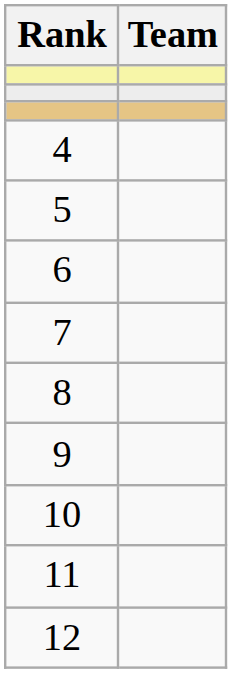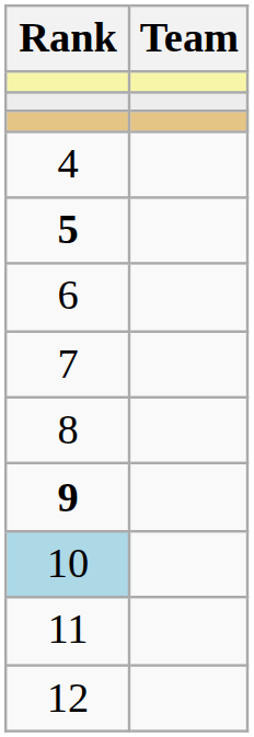 <table class="wikitable" style="text-align:center;">
 <tr>
 <th width=40>Rank</th>
 <th>Team</th>
 </tr>
 <tr align=center bgcolor=f7f6a8>
 <td></td>
 <td align=left></td>
 </tr>
 <tr align=center bgcolor=ededed>
 <td></td>
 <td align=left></td>
 </tr>
 <tr align=center bgcolor=e5c585>
 <td></td>
 <td align=left></td>
 </tr>
 <tr align=center>
 <td>4</td>
 <td align=left></td>
 </tr>
 <tr align=center>
-<td>5</td>
+<td><strong>5</strong></td>
 <td align=left></td>
 </tr>
 <tr align=center>
 <td>6</td>
 <td align=left></td>
 </tr>
 <tr align=center>
 <td>7</td>
 <td align=left></td>
 </tr>
 <tr align=center>
 <td>8</td>
 <td align=left></td>
 </tr>
 <tr align=center>
-<td>9</td>
+<td><strong>9</strong></td>
 <td align=left></td>
 </tr>
 <tr align=center>
-<td>10</td>
+<td style="background: lightblue;">10</td>
 <td align=left></td>
 </tr>
 <tr align=center>
 <td>11</td>
 <td align=left></td>
 </tr>
 <tr align=center>
 <td>12</td>
 <td align=left></td>
 </tr>
 </table>
